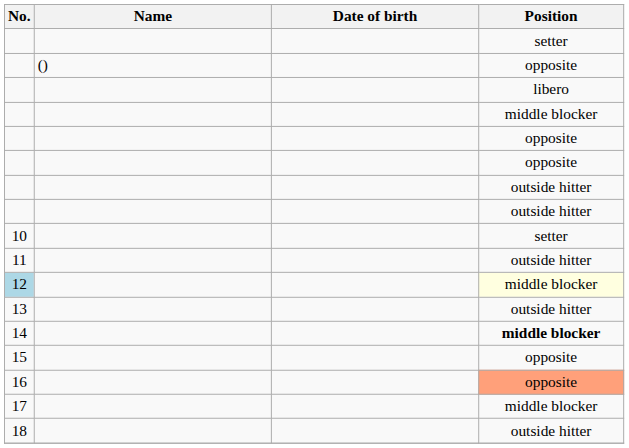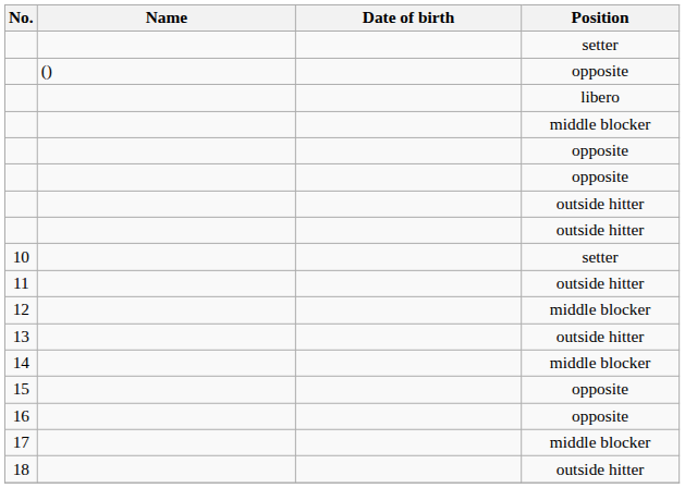 <table class="wikitable sortable" style="font-size:100%; text-align:center;">
 <tr>
 <th>No.</th>
 <th style="width:15em">Name</th>
 <th style="width:13em">Date of birth</th>
 <th style="width:9em">Position</th>
 </tr>
 <tr>
 <td></td>
 <td align=left> </td>
 <td align=right></td>
 <td>setter</td>
 </tr>
 <tr>
 <td></td>
 <td align=left>  ()</td>
 <td align=right></td>
 <td>opposite</td>
 </tr>
 <tr>
 <td></td>
 <td align=left> </td>
 <td align=right></td>
 <td>libero</td>
 </tr>
 <tr>
 <td></td>
 <td align=left> </td>
 <td align=right></td>
 <td>middle blocker</td>
 </tr>
 <tr>
 <td></td>
 <td align=left> </td>
 <td align=right></td>
 <td>opposite</td>
 </tr>
 <tr>
 <td></td>
 <td align=left> </td>
 <td align=right></td>
 <td>opposite</td>
 </tr>
 <tr>
 <td></td>
 <td align=left> </td>
 <td align=right></td>
 <td>outside hitter</td>
 </tr>
 <tr>
 <td></td>
 <td align=left> </td>
 <td align=right></td>
 <td>outside hitter</td>
 </tr>
 <tr>
 <td>10</td>
 <td align=left> </td>
 <td align=right></td>
 <td>setter</td>
 </tr>
 <tr>
 <td>11</td>
 <td align=left> </td>
 <td align=right></td>
 <td>outside hitter</td>
 </tr>
 <tr>
-<td style="background: lightblue;">12</td>
+<td>12</td>
 <td align=left> </td>
 <td align=right></td>
-<td style="background: lightyellow;">middle blocker</td>
+<td>middle blocker</td>
 </tr>
 <tr>
 <td>13</td>
 <td align=left> </td>
 <td align=right></td>
 <td>outside hitter</td>
 </tr>
 <tr>
 <td>14</td>
 <td align=left> </td>
 <td align=right></td>
-<td><strong>middle blocker</strong></td>
+<td>middle blocker</td>
 </tr>
 <tr>
 <td>15</td>
 <td align=left> </td>
 <td align=right></td>
 <td>opposite</td>
 </tr>
 <tr>
 <td>16</td>
 <td align=left> </td>
 <td align=right></td>
-<td style="background: lightsalmon;">opposite</td>
+<td>opposite</td>
 </tr>
 <tr>
 <td>17</td>
 <td align=left> </td>
 <td align=right></td>
 <td>middle blocker</td>
 </tr>
 <tr>
 <td>18</td>
 <td align=left> </td>
 <td align=right></td>
 <td>outside hitter</td>
 </tr>
 <tr>
 </tr>
 </table>
